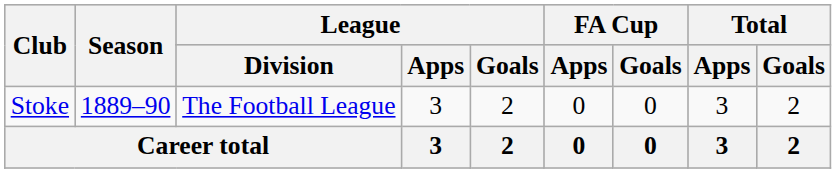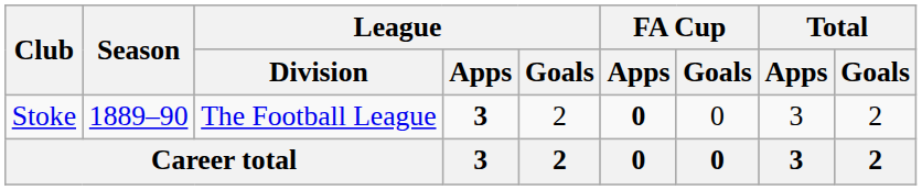 <table class="wikitable" style="text-align: center;">
 <tr>
 <th rowspan="2">Club</th>
 <th rowspan="2">Season</th>
 <th colspan="3">League</th>
 <th colspan="2">FA Cup</th>
 <th colspan="2">Total</th>
 </tr>
 <tr>
 <th>Division</th>
 <th>Apps</th>
 <th>Goals</th>
 <th>Apps</th>
 <th>Goals</th>
 <th>Apps</th>
 <th>Goals</th>
 </tr>
 <tr>
 <td><a href='#'>Stoke</a></td>
 <td><a href='#'>1889–90</a></td>
 <td><a href='#'>The Football League</a></td>
-<td>3</td>
+<td><strong>3</strong></td>
 <td>2</td>
-<td>0</td>
+<td><strong>0</strong></td>
 <td>0</td>
 <td>3</td>
 <td>2</td>
 </tr>
 <tr>
 <th colspan="3">Career total</th>
 <th>3</th>
 <th>2</th>
 <th>0</th>
 <th>0</th>
 <th>3</th>
 <th>2</th>
 </tr>
 </table>
